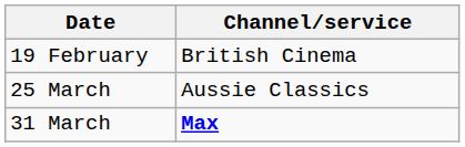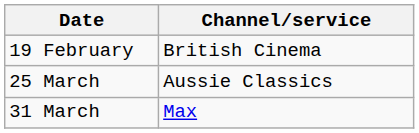 <table class="wikitable">
 <tr>
 <th width=100>Date</th>
 <th width=170>Channel/service</th>
 </tr>
 <tr>
 <td>19 February</td>
 <td>British Cinema</td>
 </tr>
 <tr>
 <td>25 March</td>
 <td>Aussie Classics</td>
 </tr>
 <tr>
 <td>31 March</td>
-<td><strong><a href='#'>Max</a></strong></td>
+<td><a href='#'>Max</a></td>
 </tr>
 </table>
